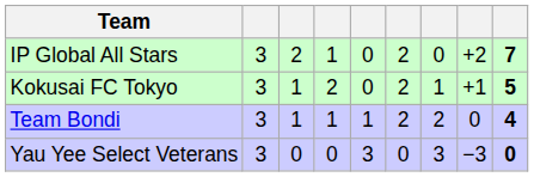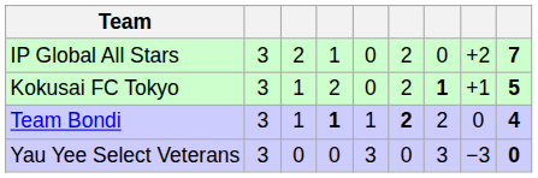 <table class="wikitable" style="text-align:center;">
 <tr>
 <th width=175>Team</th>
 <th width=20></th>
 <th width=20></th>
 <th width=20></th>
 <th width=20></th>
 <th width=20></th>
 <th width=20></th>
 <th width=20></th>
 <th width=20></th>
 </tr>
 <tr bgcolor="#ccffcc">
 <td align="left">IP Global All Stars</td>
 <td>3</td>
 <td>2</td>
 <td>1</td>
 <td>0</td>
 <td>2</td>
 <td>0</td>
 <td>+2</td>
 <td><strong>7</strong></td>
 </tr>
 <tr bgcolor="#ccffcc">
 <td align="left">Kokusai FC Tokyo</td>
 <td>3</td>
 <td>1</td>
 <td>2</td>
 <td>0</td>
 <td>2</td>
-<td>1</td>
+<td><strong>1</strong></td>
 <td>+1</td>
 <td><strong>5</strong></td>
 </tr>
 <tr bgcolor="#ccccff">
 <td align="left"><a href='#'>Team Bondi</a></td>
 <td>3</td>
 <td>1</td>
+<td><strong>1</strong></td>
 <td>1</td>
-<td>1</td>
-<td>2</td>
+<td><strong>2</strong></td>
 <td>2</td>
 <td>0</td>
 <td><strong>4</strong></td>
 </tr>
 <tr bgcolor="#ccccff">
 <td align="left">Yau Yee Select Veterans</td>
 <td>3</td>
 <td>0</td>
 <td>0</td>
 <td>3</td>
 <td>0</td>
 <td>3</td>
 <td>−3</td>
 <td><strong>0</strong></td>
 </tr>
 </table>
